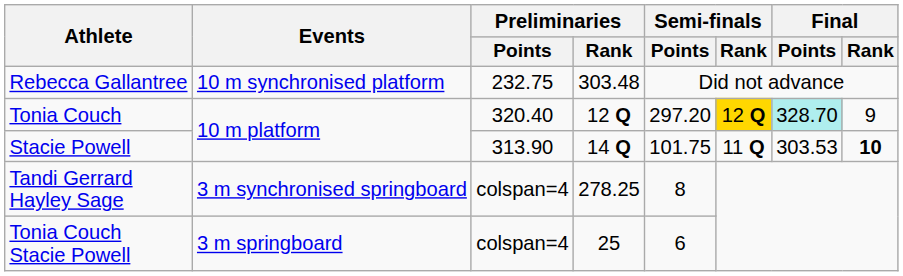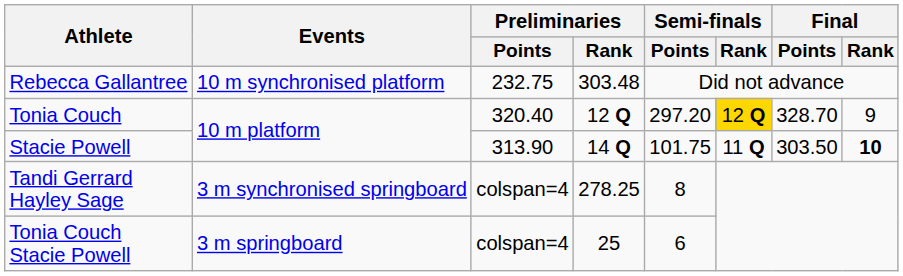 <table class=wikitable style="font-size:90%">
 <tr>
 <th rowspan="2">Athlete</th>
 <th rowspan="2">Events</th>
 <th colspan="2">Preliminaries</th>
 <th colspan="2">Semi-finals</th>
 <th colspan="2">Final</th>
 </tr>
 <tr style="font-size:95%">
 <th>Points</th>
 <th>Rank</th>
 <th>Points</th>
 <th>Rank</th>
 <th>Points</th>
 <th>Rank</th>
 </tr>
 <tr align=center>
 <td align=left><a href='#'>Rebecca Gallantree</a></td>
 <td align=left><a href='#'>10 m synchronised platform</a></td>
 <td>232.75</td>
 <td>303.48</td>
 <td colspan=4>Did not advance</td>
 </tr>
 <tr align=center>
 <td align=left><a href='#'>Tonia Couch</a></td>
 <td align=left rowspan=2><a href='#'>10 m platform</a></td>
 <td>320.40</td>
 <td>12 <strong>Q</strong></td>
 <td>297.20</td>
 <td style="background: gold;">12 <strong>Q</strong></td>
-<td style="background: paleturquoise;">328.70</td>
+<td>328.70</td>
 <td>9</td>
 </tr>
 <tr align=center>
 <td align=left><a href='#'>Stacie Powell</a></td>
 <td>313.90</td>
 <td>14 <strong>Q</strong></td>
 <td>101.75</td>
 <td>11 <strong>Q</strong></td>
-<td>303.53</td>
+<td>303.50</td>
 <td><strong>10</strong></td>
 </tr>
 <tr align=center>
 <td align=left><a href='#'>Tandi Gerrard</a><br><a href='#'>Hayley Sage</a></td>
 <td align=left><a href='#'>3 m synchronised springboard</a></td>
 <td>colspan=4 </td>
 <td>278.25</td>
 <td>8</td>
 </tr>
 <tr align=center>
 <td align=left><a href='#'>Tonia Couch</a><br><a href='#'>Stacie Powell</a></td>
 <td align=left><a href='#'>3 m springboard</a></td>
 <td>colspan=4 </td>
 <td>25</td>
 <td>6</td>
 </tr>
 </table>
